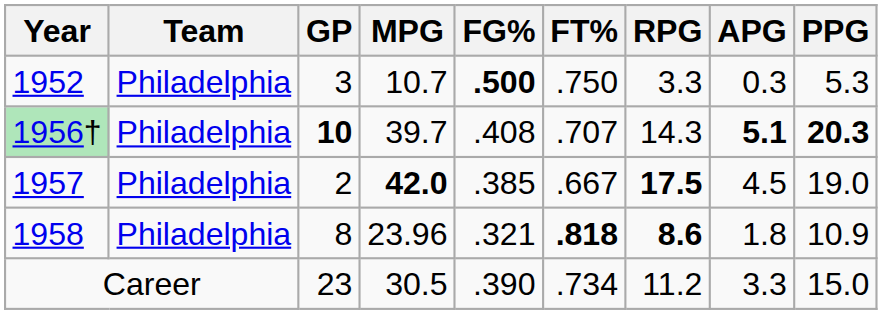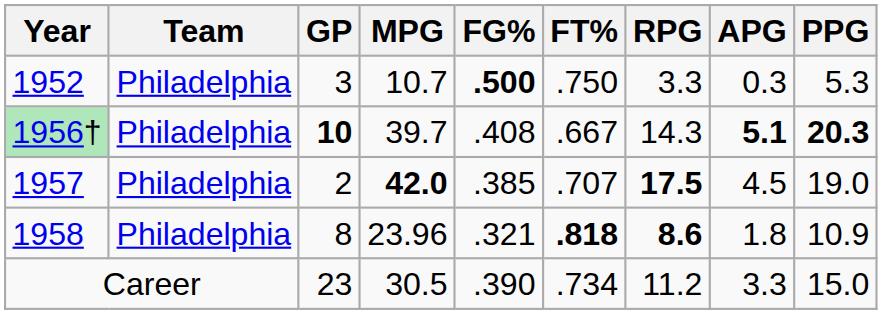 <table class="wikitable sortable" style="font-size:95%; text-align:right;">
 <tr>
 <th>Year</th>
 <th>Team</th>
 <th>GP</th>
 <th>MPG</th>
 <th>FG%</th>
 <th>FT%</th>
 <th>RPG</th>
 <th>APG</th>
 <th>PPG</th>
 </tr>
 <tr>
 <td style="text-align:left;"><a href='#'>1952</a></td>
 <td style="text-align:left;"><a href='#'>Philadelphia</a></td>
 <td>3</td>
 <td>10.7</td>
 <td><strong>.500</strong></td>
 <td>.750</td>
 <td>3.3</td>
 <td>0.3</td>
 <td>5.3</td>
 </tr>
 <tr>
 <td style="text-align:left;background:#afe6ba;"><a href='#'>1956</a>†</td>
 <td style="text-align:left;"><a href='#'>Philadelphia</a></td>
 <td><strong>10</strong></td>
 <td>39.7</td>
 <td>.408</td>
-<td>.707</td>
+<td>.667</td>
 <td>14.3</td>
 <td><strong>5.1</strong></td>
 <td><strong>20.3</strong></td>
 </tr>
 <tr>
 <td style="text-align:left;"><a href='#'>1957</a></td>
 <td style="text-align:left;"><a href='#'>Philadelphia</a></td>
 <td>2</td>
 <td><strong>42.0</strong></td>
 <td>.385</td>
-<td>.667</td>
+<td>.707</td>
 <td><strong>17.5</strong></td>
 <td>4.5</td>
 <td>19.0</td>
 </tr>
 <tr>
 <td style="text-align:left;"><a href='#'>1958</a></td>
 <td style="text-align:left;"><a href='#'>Philadelphia</a></td>
 <td>8</td>
 <td>23.96</td>
 <td>.321</td>
 <td><strong>.818</strong></td>
 <td><strong>8.6</strong></td>
 <td>1.8</td>
 <td>10.9</td>
 </tr>
 <tr class="sortbottom">
 <td colspan="2" style="text-align:center;">Career</td>
 <td>23</td>
 <td>30.5</td>
 <td>.390</td>
 <td>.734</td>
 <td>11.2</td>
 <td>3.3</td>
 <td>15.0</td>
 </tr>
 </table>
